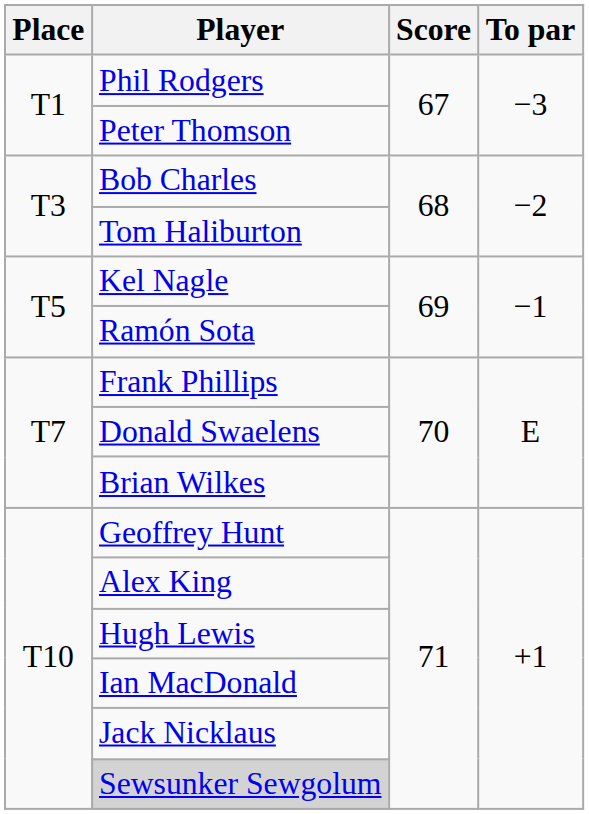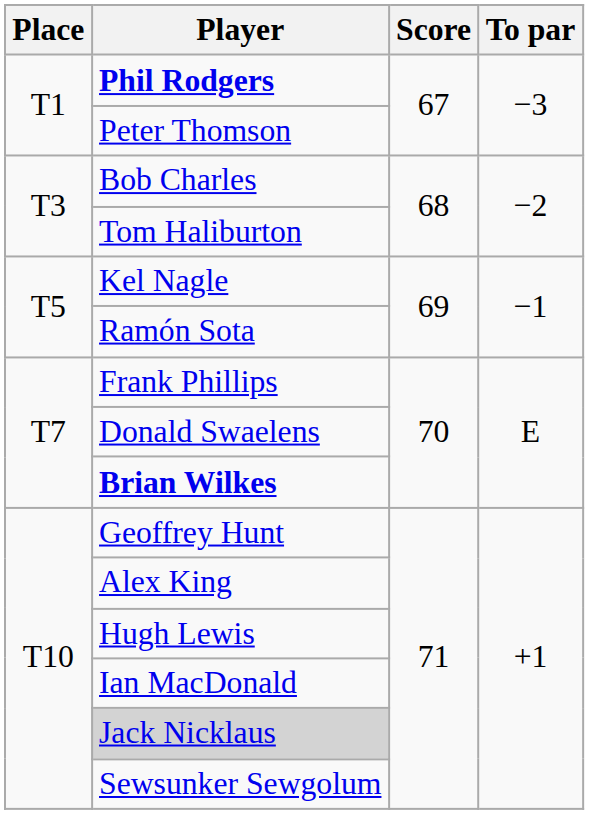 <table class="wikitable">
 <tr>
 <th>Place</th>
 <th>Player</th>
 <th>Score</th>
 <th>To par</th>
 </tr>
 <tr>
 <td rowspan="2" align=center>T1</td>
-<td> <a href='#'>Phil Rodgers</a></td>
+<td><strong> <a href='#'>Phil Rodgers</a></strong></td>
 <td rowspan="2" align=center>67</td>
 <td rowspan="2" align=center>−3</td>
 </tr>
 <tr>
 <td> <a href='#'>Peter Thomson</a></td>
 </tr>
 <tr>
 <td rowspan="2" align=center>T3</td>
 <td> <a href='#'>Bob Charles</a></td>
 <td rowspan="2" align=center>68</td>
 <td rowspan="2" align=center>−2</td>
 </tr>
 <tr>
 <td> <a href='#'>Tom Haliburton</a></td>
 </tr>
 <tr>
 <td rowspan="2" align=center>T5</td>
 <td> <a href='#'>Kel Nagle</a></td>
 <td rowspan="2" align=center>69</td>
 <td rowspan="2" align=center>−1</td>
 </tr>
 <tr>
 <td> <a href='#'>Ramón Sota</a></td>
 </tr>
 <tr>
 <td rowspan="3" align=center>T7</td>
 <td> <a href='#'>Frank Phillips</a></td>
 <td rowspan="3" align=center>70</td>
 <td rowspan="3" align=center>E</td>
 </tr>
 <tr>
 <td> <a href='#'>Donald Swaelens</a></td>
 </tr>
 <tr>
-<td> <a href='#'>Brian Wilkes</a></td>
+<td><strong> <a href='#'>Brian Wilkes</a></strong></td>
 </tr>
 <tr>
 <td rowspan="6" align=center>T10</td>
 <td> <a href='#'>Geoffrey Hunt</a></td>
 <td rowspan="6" align=center>71</td>
 <td rowspan="6" align=center>+1</td>
 </tr>
 <tr>
 <td> <a href='#'>Alex King</a></td>
 </tr>
 <tr>
 <td> <a href='#'>Hugh Lewis</a></td>
 </tr>
 <tr>
 <td> <a href='#'>Ian MacDonald</a></td>
 </tr>
 <tr>
-<td> <a href='#'>Jack Nicklaus</a></td>
+<td style="background: lightgrey;"> <a href='#'>Jack Nicklaus</a></td>
 </tr>
 <tr>
-<td style="background: lightgrey;"> <a href='#'>Sewsunker Sewgolum</a></td>
+<td> <a href='#'>Sewsunker Sewgolum</a></td>
 </tr>
 </table>
